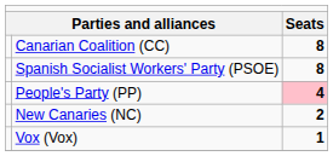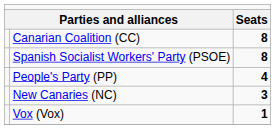 <table class="wikitable" style="text-align:right;">
 <tr>
 <td colspan="7"></td>
 </tr>
 <tr>
 <th colspan="2">Parties and alliances</th>
 <th colspan="2">Seats</th>
 </tr>
 <tr>
 <td style="color:inherit;background:"></td>
 <td align="left"><a href='#'>Canarian Coalition</a> (CC)</td>
 <td><strong>8</strong></td>
 </tr>
 <tr>
 <td style="color:inherit;background:"></td>
 <td align="left"><a href='#'>Spanish Socialist Workers' Party</a> (PSOE)</td>
 <td><strong>8</strong></td>
 </tr>
 <tr>
 <td style="color:inherit;background:"></td>
 <td align="left"><a href='#'>People's Party</a> (PP)</td>
-<td style="background: pink;"><strong>4</strong></td>
+<td><strong>4</strong></td>
 </tr>
 <tr>
 <td style="color:inherit;background:"></td>
 <td align="left"><a href='#'>New Canaries</a> (NC)</td>
-<td><strong>2</strong></td>
+<td><strong>3</strong></td>
 </tr>
 <tr>
 <td style="color:inherit;background:"></td>
 <td align="left"><a href='#'>Vox</a> (Vox)</td>
 <td><strong>1</strong></td>
 </tr>
 <tr>
 </tr>
 </table>
